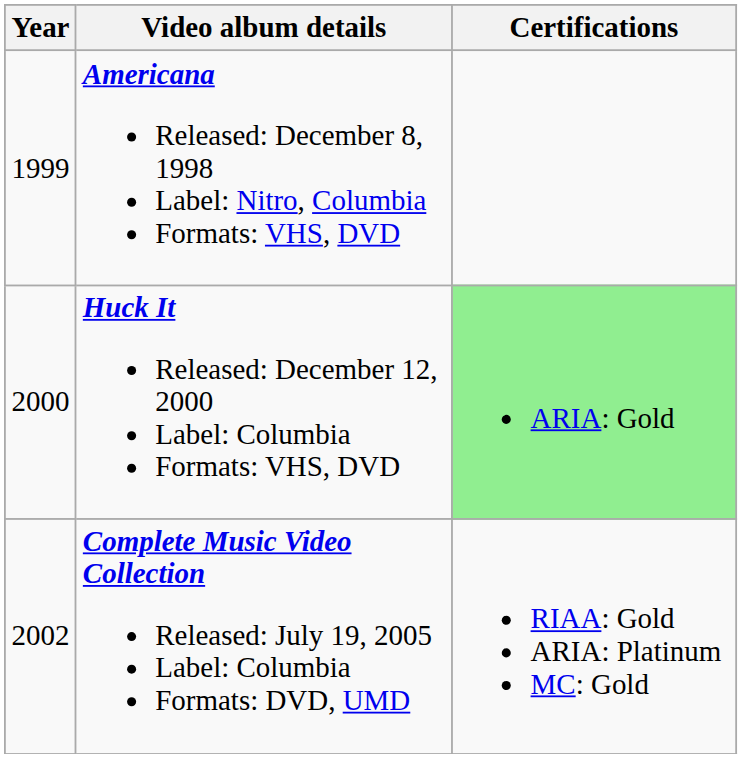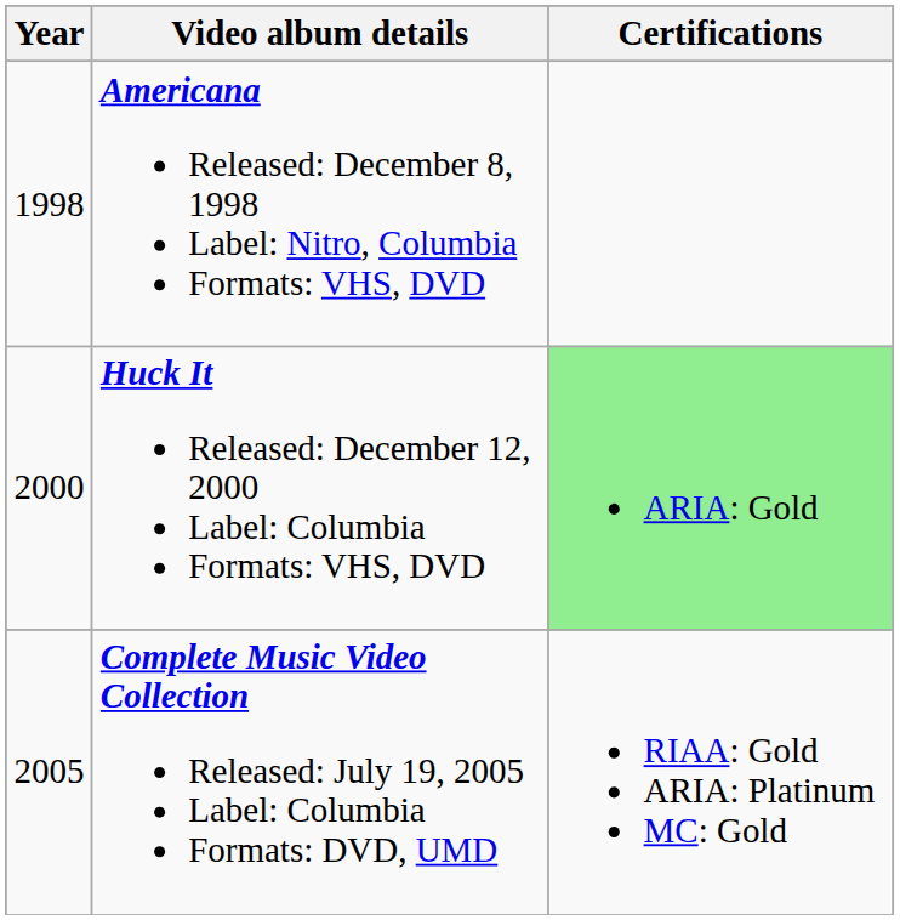 <table class="wikitable">
 <tr>
 <th>Year</th>
 <th style="width:200px;">Video album details</th>
 <th style="width:150px;">Certifications<br></th>
 </tr>
 <tr>
-<td>1999</td>
+<td>1998</td>
 <td><strong><em><a href='#'>Americana</a></em></strong><br><ul><li>Released: December 8, 1998</li><li>Label: <a href='#'>Nitro</a>, <a href='#'>Columbia</a></li><li>Formats: <a href='#'>VHS</a>, <a href='#'>DVD</a></li></ul></td>
 <td></td>
 </tr>
 <tr>
 <td>2000</td>
 <td><strong><em><a href='#'>Huck It</a></em></strong><br><ul><li>Released: December 12, 2000</li><li>Label: Columbia</li><li>Formats: VHS, DVD</li></ul></td>
 <td style="background: lightgreen;"><br><ul><li><a href='#'>ARIA</a>: Gold</li></ul></td>
 </tr>
 <tr>
-<td>2002</td>
+<td>2005</td>
 <td><strong><em><a href='#'>Complete Music Video Collection</a></em></strong><br><ul><li>Released: July 19, 2005</li><li>Label: Columbia</li><li>Formats: DVD, <a href='#'>UMD</a></li></ul></td>
 <td><br><ul><li><a href='#'>RIAA</a>: Gold</li><li>ARIA: Platinum</li><li><a href='#'>MC</a>: Gold</li></ul></td>
 </tr>
 <tr>
 </tr>
 </table>
